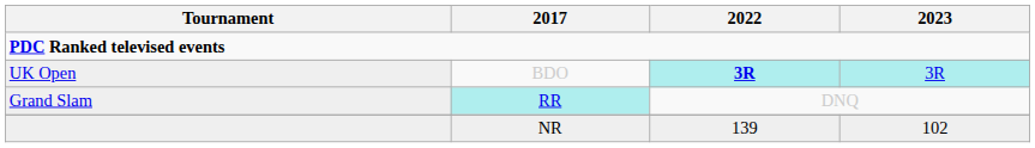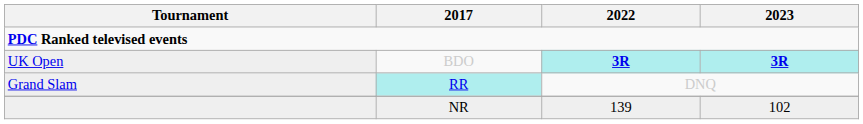 <table class="wikitable" style="width:60%; margin:0">
 <tr>
 <th>Tournament</th>
 <th>2017</th>
 <th>2022</th>
 <th>2023</th>
 </tr>
 <tr>
 <td colspan="31" align="left"><strong><a href='#'>PDC</a> Ranked televised events</strong></td>
 </tr>
 <tr>
 <td style="background:#efefef;"><a href='#'>UK Open</a></td>
 <td style="text-align:center; color:#ccc;">BDO</td>
 <td style="text-align:center; background:#afeeee;"><strong><a href='#'>3R</a></strong></td>
-<td style="text-align:center; background:#afeeee;"><a href='#'>3R</a></td>
+<td style="text-align:center; background:#afeeee;"><strong><a href='#'>3R</a></strong></td>
 </tr>
 <tr>
 <td style="background:#efefef;"><a href='#'>Grand Slam</a></td>
 <td style="text-align:center; background:#afeeee;"><a href='#'>RR</a></td>
 <td colspan="2" style="text-align:center; color:#ccc;">DNQ</td>
 </tr>
 <tr>
 </tr>
 <tr bgcolor="efefef">
 <td align="left"><strong></strong></td>
 <td style="text-align:center;">NR</td>
 <td style="text-align:center;">139</td>
 <td style="text-align:center;">102</td>
 </tr>
 </table>
